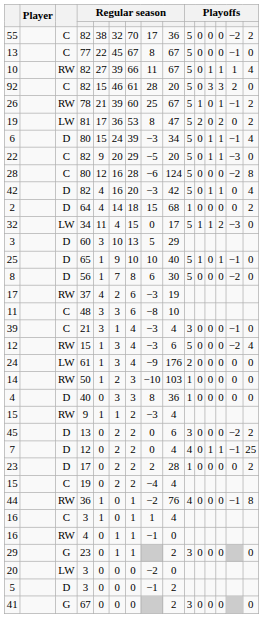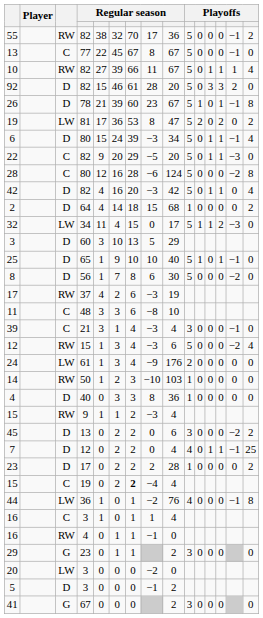 <table class="wikitable sortable plainrowheaders" style="text-align:center;">
 <tr>
 <th scope="col" data-sort-type="number" rowspan="2"></th>
 <th scope="col" rowspan="2">Player</th>
 <th scope="col" rowspan="2"></th>
 <th scope=colgroup colspan=6>Regular season</th>
 <th scope=colgroup colspan=6>Playoffs</th>
 </tr>
 <tr>
 <th scope="col" data-sort-type="number"></th>
 <th scope="col" data-sort-type="number"></th>
 <th scope="col" data-sort-type="number"></th>
 <th scope="col" data-sort-type="number"></th>
 <th scope="col" data-sort-type="number"></th>
 <th scope="col" data-sort-type="number"></th>
 <th scope="col" data-sort-type="number"></th>
 <th scope="col" data-sort-type="number"></th>
 <th scope="col" data-sort-type="number"></th>
 <th scope="col" data-sort-type="number"></th>
 <th scope="col" data-sort-type="number"></th>
 <th scope="col" data-sort-type="number"></th>
 </tr>
 <tr>
 <td scope="row">55</td>
 <td align="left"></td>
-<td>C</td>
+<td>RW</td>
 <td>82</td>
 <td>38</td>
 <td>32</td>
 <td>70</td>
 <td>17</td>
 <td>36</td>
 <td>5</td>
 <td>0</td>
 <td>0</td>
 <td>0</td>
-<td>−2</td>
+<td>−1</td>
 <td>2</td>
 </tr>
 <tr>
 <td scope="row">13</td>
 <td align="left"></td>
 <td>C</td>
 <td>77</td>
 <td>22</td>
 <td>45</td>
 <td>67</td>
 <td>8</td>
 <td>67</td>
 <td>5</td>
 <td>0</td>
 <td>0</td>
 <td>0</td>
 <td>−1</td>
 <td>0</td>
 </tr>
 <tr>
 <td scope="row">10</td>
 <td align="left"></td>
 <td>RW</td>
 <td>82</td>
 <td>27</td>
 <td>39</td>
 <td>66</td>
 <td>11</td>
 <td>67</td>
 <td>5</td>
 <td>0</td>
 <td>1</td>
 <td>1</td>
 <td>1</td>
 <td>4</td>
 </tr>
 <tr>
 <td scope="row">92</td>
 <td align="left"></td>
-<td>C</td>
+<td>D</td>
 <td>82</td>
 <td>15</td>
 <td>46</td>
 <td>61</td>
 <td>28</td>
 <td>20</td>
 <td>5</td>
 <td>0</td>
 <td>3</td>
 <td>3</td>
 <td>2</td>
 <td>0</td>
 </tr>
 <tr>
 <td scope="row">26</td>
 <td align="left"></td>
-<td>RW</td>
+<td>D</td>
 <td>78</td>
 <td>21</td>
 <td>39</td>
 <td>60</td>
-<td>25</td>
+<td>23</td>
 <td>67</td>
 <td>5</td>
 <td>1</td>
 <td>0</td>
 <td>1</td>
 <td>−1</td>
-<td>2</td>
+<td>8</td>
 </tr>
 <tr>
 <td scope="row">19</td>
 <td align="left"></td>
 <td>LW</td>
 <td>81</td>
 <td>17</td>
 <td>36</td>
 <td>53</td>
 <td>8</td>
 <td>47</td>
 <td>5</td>
 <td>2</td>
 <td>0</td>
 <td>2</td>
 <td>0</td>
 <td>2</td>
 </tr>
 <tr>
 <td scope="row">6</td>
 <td align="left"></td>
 <td>D</td>
 <td>80</td>
 <td>15</td>
 <td>24</td>
 <td>39</td>
 <td>−3</td>
 <td>34</td>
 <td>5</td>
 <td>0</td>
 <td>1</td>
 <td>1</td>
 <td>−1</td>
 <td>4</td>
 </tr>
 <tr>
 <td scope="row">22</td>
 <td align="left"></td>
 <td>C</td>
 <td>82</td>
 <td>9</td>
 <td>20</td>
 <td>29</td>
 <td>−5</td>
 <td>20</td>
 <td>5</td>
 <td>0</td>
 <td>1</td>
 <td>1</td>
 <td>−3</td>
 <td>0</td>
 </tr>
 <tr>
 <td scope="row">28</td>
 <td align="left"></td>
 <td>C</td>
 <td>80</td>
 <td>12</td>
 <td>16</td>
 <td>28</td>
 <td>−6</td>
 <td>124</td>
 <td>5</td>
 <td>0</td>
 <td>0</td>
 <td>0</td>
 <td>−2</td>
 <td>8</td>
 </tr>
 <tr>
 <td scope="row">42</td>
 <td align="left"></td>
 <td>D</td>
 <td>82</td>
 <td>4</td>
 <td>16</td>
 <td>20</td>
 <td>−3</td>
 <td>42</td>
 <td>5</td>
 <td>0</td>
 <td>1</td>
 <td>1</td>
 <td>0</td>
 <td>4</td>
 </tr>
 <tr>
 <td scope="row">2</td>
 <td align="left"></td>
 <td>D</td>
 <td>64</td>
 <td>4</td>
 <td>14</td>
 <td>18</td>
 <td>15</td>
 <td>68</td>
 <td>1</td>
 <td>0</td>
 <td>0</td>
 <td>0</td>
 <td>0</td>
 <td>2</td>
 </tr>
 <tr>
 <td scope="row">32</td>
 <td align="left"></td>
 <td>LW</td>
 <td>34</td>
 <td>11</td>
 <td>4</td>
 <td>15</td>
 <td>0</td>
 <td>17</td>
 <td>5</td>
 <td>1</td>
 <td>1</td>
 <td>2</td>
 <td>−3</td>
 <td>0</td>
 </tr>
 <tr>
 <td scope="row">3</td>
 <td align="left"></td>
 <td>D</td>
 <td>60</td>
 <td>3</td>
 <td>10</td>
 <td>13</td>
 <td>5</td>
 <td>29</td>
 <td></td>
 <td></td>
 <td></td>
 <td></td>
 <td></td>
 <td></td>
 </tr>
 <tr>
 <td scope="row">25</td>
 <td align="left"></td>
 <td>D</td>
 <td>65</td>
 <td>1</td>
 <td>9</td>
 <td>10</td>
 <td>10</td>
 <td>40</td>
 <td>5</td>
 <td>1</td>
 <td>0</td>
 <td>1</td>
 <td>−1</td>
 <td>0</td>
 </tr>
 <tr>
 <td scope="row">8</td>
 <td align="left"></td>
 <td>D</td>
 <td>56</td>
 <td>1</td>
 <td>7</td>
 <td>8</td>
 <td>6</td>
 <td>30</td>
 <td>5</td>
 <td>0</td>
 <td>0</td>
 <td>0</td>
 <td>−2</td>
 <td>0</td>
 </tr>
 <tr>
 <td scope="row">17</td>
 <td align="left"></td>
 <td>RW</td>
 <td>37</td>
 <td>4</td>
 <td>2</td>
 <td>6</td>
 <td>−3</td>
 <td>19</td>
 <td></td>
 <td></td>
 <td></td>
 <td></td>
 <td></td>
 <td></td>
 </tr>
 <tr>
 <td scope="row">11</td>
 <td align="left"></td>
 <td>C</td>
 <td>48</td>
 <td>3</td>
 <td>3</td>
 <td>6</td>
 <td>−8</td>
 <td>10</td>
 <td></td>
 <td></td>
 <td></td>
 <td></td>
 <td></td>
 <td></td>
 </tr>
 <tr>
 <td scope="row">39</td>
 <td align="left"></td>
 <td>C</td>
 <td>21</td>
 <td>3</td>
 <td>1</td>
 <td>4</td>
 <td>−3</td>
 <td>4</td>
 <td>3</td>
 <td>0</td>
 <td>0</td>
 <td>0</td>
 <td>−1</td>
 <td>0</td>
 </tr>
 <tr>
 <td scope="row">12</td>
 <td align="left"></td>
 <td>RW</td>
 <td>15</td>
 <td>1</td>
 <td>3</td>
 <td>4</td>
 <td>−3</td>
 <td>6</td>
 <td>5</td>
 <td>0</td>
 <td>0</td>
 <td>0</td>
 <td>−2</td>
 <td>4</td>
 </tr>
 <tr>
 <td scope="row">24</td>
 <td align="left"></td>
 <td>LW</td>
 <td>61</td>
 <td>1</td>
 <td>3</td>
 <td>4</td>
 <td>−9</td>
 <td>176</td>
 <td>2</td>
 <td>0</td>
 <td>0</td>
 <td>0</td>
 <td>0</td>
 <td>0</td>
 </tr>
 <tr>
 <td scope="row">14</td>
 <td align="left"></td>
 <td>RW</td>
 <td>50</td>
 <td>1</td>
 <td>2</td>
 <td>3</td>
 <td>−10</td>
 <td>103</td>
 <td>1</td>
 <td>0</td>
 <td>0</td>
 <td>0</td>
 <td>0</td>
 <td>0</td>
 </tr>
 <tr>
 <td scope="row">4</td>
 <td align="left"></td>
 <td>D</td>
 <td>40</td>
 <td>0</td>
 <td>3</td>
 <td>3</td>
 <td>8</td>
 <td>36</td>
 <td>1</td>
 <td>0</td>
 <td>0</td>
 <td>0</td>
 <td>0</td>
 <td>0</td>
 </tr>
 <tr>
 <td scope="row">15</td>
 <td align="left"></td>
 <td>RW</td>
 <td>9</td>
 <td>1</td>
 <td>1</td>
 <td>2</td>
 <td>−3</td>
 <td>4</td>
 <td></td>
 <td></td>
 <td></td>
 <td></td>
 <td></td>
 <td></td>
 </tr>
 <tr>
 <td scope="row">45</td>
 <td align="left"></td>
 <td>D</td>
 <td>13</td>
 <td>0</td>
 <td>2</td>
 <td>2</td>
 <td>0</td>
 <td>6</td>
 <td>3</td>
 <td>0</td>
 <td>0</td>
 <td>0</td>
 <td>−2</td>
 <td>2</td>
 </tr>
 <tr>
 <td scope="row">7</td>
 <td align="left"></td>
 <td>D</td>
 <td>12</td>
 <td>0</td>
 <td>2</td>
 <td>2</td>
 <td>0</td>
 <td>4</td>
 <td>4</td>
 <td>0</td>
 <td>1</td>
 <td>1</td>
 <td>−1</td>
 <td>25</td>
 </tr>
 <tr>
 <td scope="row">23</td>
 <td align="left"></td>
 <td>D</td>
 <td>17</td>
 <td>0</td>
 <td>2</td>
 <td>2</td>
 <td>2</td>
 <td>28</td>
 <td>1</td>
 <td>0</td>
 <td>0</td>
 <td>0</td>
 <td>0</td>
 <td>2</td>
 </tr>
 <tr>
 <td scope="row">15</td>
 <td align="left"></td>
 <td>C</td>
 <td>19</td>
 <td>0</td>
 <td>2</td>
-<td>2</td>
+<td><strong>2</strong></td>
 <td>−4</td>
 <td>4</td>
 <td></td>
 <td></td>
 <td></td>
 <td></td>
 <td></td>
 <td></td>
 </tr>
 <tr>
 <td scope="row">44</td>
 <td align="left"></td>
-<td>RW</td>
+<td>LW</td>
 <td>36</td>
 <td>1</td>
 <td>0</td>
 <td>1</td>
 <td>−2</td>
 <td>76</td>
 <td>4</td>
 <td>0</td>
 <td>0</td>
 <td>0</td>
 <td>−1</td>
 <td>8</td>
 </tr>
 <tr>
 <td scope="row">16</td>
 <td align="left"></td>
 <td>C</td>
 <td>3</td>
 <td>1</td>
 <td>0</td>
 <td>1</td>
 <td>1</td>
 <td>4</td>
 <td></td>
 <td></td>
 <td></td>
 <td></td>
 <td></td>
 <td></td>
 </tr>
 <tr>
 <td scope="row">16</td>
 <td align="left"></td>
 <td>RW</td>
 <td>4</td>
 <td>0</td>
 <td>1</td>
 <td>1</td>
 <td>−1</td>
 <td>0</td>
 <td></td>
 <td></td>
 <td></td>
 <td></td>
 <td></td>
 <td></td>
 </tr>
 <tr>
 <td scope="row">29</td>
 <td align="left"></td>
 <td>G</td>
 <td>23</td>
 <td>0</td>
 <td>1</td>
 <td>1</td>
 <td style="background:#ccc"></td>
 <td>2</td>
 <td>3</td>
 <td>0</td>
 <td>0</td>
 <td>0</td>
 <td style="background:#ccc"></td>
 <td>0</td>
 </tr>
 <tr>
 <td scope="row">20</td>
 <td align="left"></td>
 <td>LW</td>
 <td>3</td>
 <td>0</td>
 <td>0</td>
 <td>0</td>
 <td>−2</td>
 <td>0</td>
 <td></td>
 <td></td>
 <td></td>
 <td></td>
 <td></td>
 <td></td>
 </tr>
 <tr>
 <td scope="row">5</td>
 <td align="left"></td>
 <td>D</td>
 <td>3</td>
 <td>0</td>
 <td>0</td>
 <td>0</td>
 <td>−1</td>
 <td>2</td>
 <td></td>
 <td></td>
 <td></td>
 <td></td>
 <td></td>
 <td></td>
 </tr>
 <tr>
 <td scope="row">41</td>
 <td align="left"></td>
 <td>G</td>
 <td>67</td>
 <td>0</td>
 <td>0</td>
 <td>0</td>
 <td style="background:#ccc"></td>
 <td>2</td>
 <td>3</td>
 <td>0</td>
 <td>0</td>
 <td>0</td>
 <td style="background:#ccc"></td>
 <td>0</td>
 </tr>
 </table>
